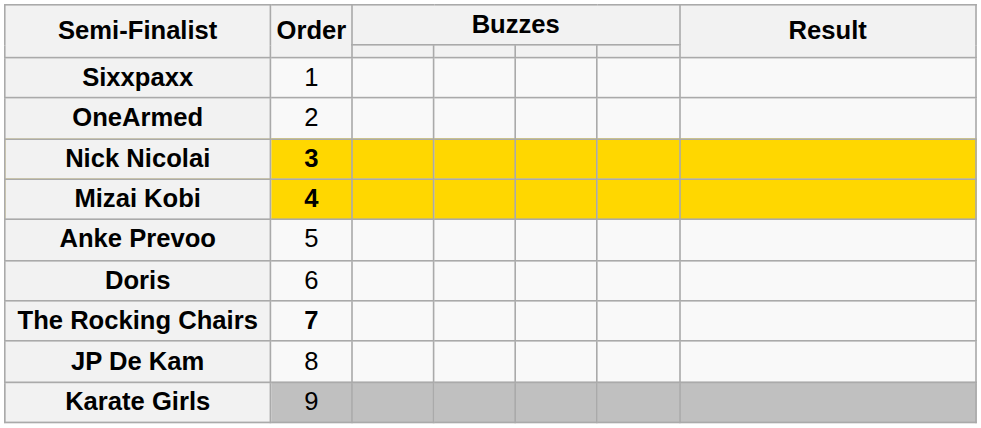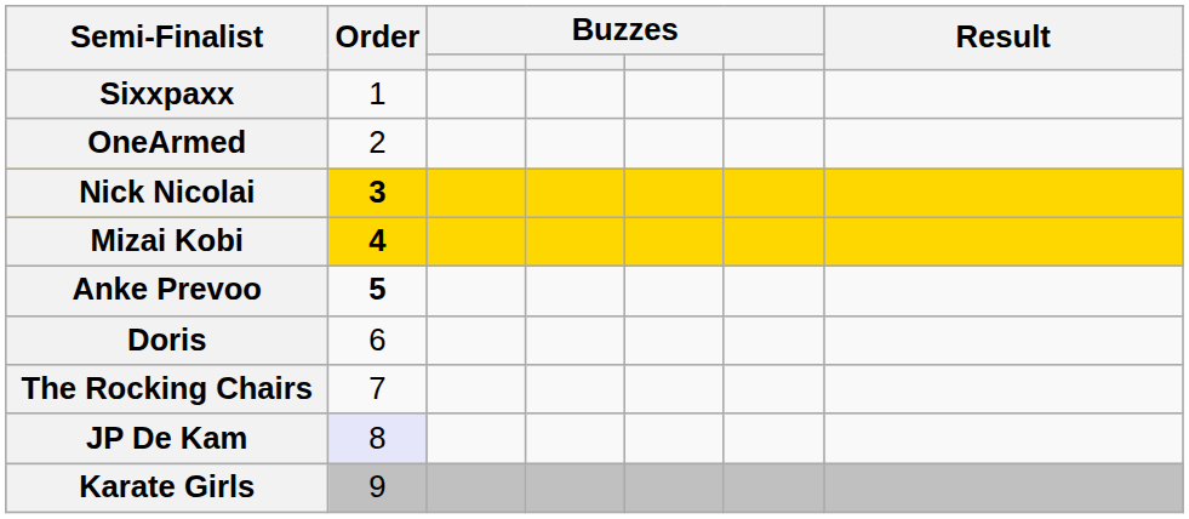 <table class="wikitable plainrowheaders sortable" style="text-align:center;">
 <tr>
 <th scope="col" rowspan="2" class="unsortable" style="width:17em;">Semi-Finalist</th>
 <th scope="col" rowspan="2" style="width:1em;">Order</th>
 <th scope="col" colspan="4" class="unsortable" style="width:24em;">Buzzes</th>
 <th scope="col" rowspan="2" style="width:23em;">Result</th>
 </tr>
 <tr>
 <th scope="col" class="unsortable" style="width:6em;"></th>
 <th scope="col" class="unsortable" style="width:6em;"></th>
 <th scope="col" class="unsortable" style="width:6em;"></th>
 <th scope="col" class="unsortable" style="width:6em;"></th>
 </tr>
 <tr>
 <th scope="row">Sixxpaxx</th>
 <td>1</td>
 <td style="text-align:center;"></td>
 <td style="text-align:center;"></td>
 <td style="text-align:center;"></td>
 <td style="text-align:center;"></td>
 <td></td>
 </tr>
 <tr>
 <th scope="row">OneArmed</th>
 <td>2</td>
 <td style="text-align:center;"></td>
 <td style="text-align:center;"></td>
 <td style="text-align:center;"></td>
 <td style="text-align:center;"></td>
 <td></td>
 </tr>
 <tr bgcolor=gold>
 <th scope="row"><strong>Nick Nicolai</strong></th>
 <td><strong>3</strong></td>
 <td style="text-align:center;"></td>
 <td style="text-align:center;"></td>
 <td style="text-align:center;"></td>
 <td style="text-align:center;"></td>
 <td><strong></strong></td>
 </tr>
 <tr bgcolor=gold>
 <th scope="row"><strong>Mizai Kobi</strong></th>
 <td><strong>4</strong></td>
 <td style="text-align:center;"></td>
 <td style="text-align:center;"></td>
 <td style="text-align:center;"></td>
 <td style="text-align:center;"></td>
 <td><strong></strong></td>
 </tr>
 <tr>
 <th scope="row">Anke Prevoo</th>
-<td>5</td>
+<td><strong>5</strong></td>
 <td style="text-align:center;"></td>
 <td style="text-align:center;"></td>
 <td style="text-align:center;"></td>
 <td style="text-align:center;"></td>
 <td></td>
 </tr>
 <tr>
 <th scope="row">Doris</th>
 <td>6</td>
 <td style="text-align:center;"></td>
 <td style="text-align:center;"></td>
 <td style="text-align:center;"></td>
 <td style="text-align:center;"></td>
 <td></td>
 </tr>
 <tr>
 <th scope="row">The Rocking Chairs</th>
-<td><strong>7</strong></td>
+<td>7</td>
 <td style="text-align:center;"></td>
 <td style="text-align:center;"></td>
 <td style="text-align:center;"></td>
 <td style="text-align:center;"></td>
 <td></td>
 </tr>
 <tr>
 <th scope="row">JP De Kam</th>
-<td>8</td>
+<td style="background: lavender;">8</td>
 <td style="text-align:center;"></td>
 <td style="text-align:center;"></td>
 <td style="text-align:center;"></td>
 <td style="text-align:center;"></td>
 <td></td>
 </tr>
 <tr bgcolor=silver>
 <th scope="row"><strong>Karate Girls</strong></th>
 <td>9</td>
 <td style="text-align:center;"></td>
 <td style="text-align:center;"></td>
 <td style="text-align:center;"></td>
 <td style="text-align:center;"></td>
 <td><strong></strong></td>
 </tr>
 </table>
